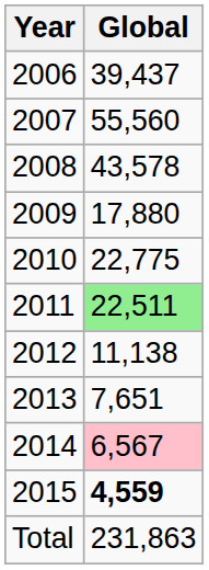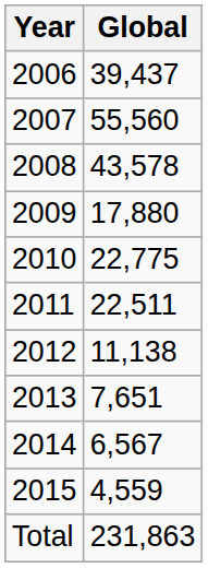 <table class="wikitable">
 <tr>
 <th>Year</th>
 <th>Global</th>
 </tr>
 <tr>
 <td>2006</td>
 <td>39,437</td>
 </tr>
 <tr>
 <td>2007</td>
 <td>55,560</td>
 </tr>
 <tr>
 <td>2008</td>
 <td>43,578</td>
 </tr>
 <tr>
 <td>2009</td>
 <td>17,880</td>
 </tr>
 <tr>
 <td>2010</td>
 <td>22,775</td>
 </tr>
 <tr>
 <td>2011</td>
-<td style="background: lightgreen;">22,511</td>
+<td>22,511</td>
 </tr>
 <tr>
 <td>2012</td>
 <td>11,138</td>
 </tr>
 <tr>
 <td>2013</td>
 <td>7,651</td>
 </tr>
 <tr>
 <td>2014</td>
-<td style="background: pink;">6,567</td>
+<td>6,567</td>
 </tr>
 <tr>
 <td>2015</td>
-<td><strong>4,559</strong></td>
+<td>4,559</td>
 </tr>
 <tr>
 <td>Total</td>
 <td>231,863</td>
 </tr>
 </table>
